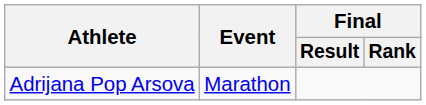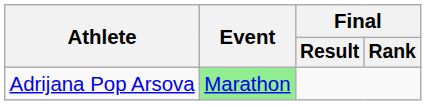 <table class="wikitable" style="font-size:90%">
 <tr>
 <th rowspan="2">Athlete</th>
 <th rowspan="2">Event</th>
 <th colspan="2">Final</th>
 </tr>
 <tr style="font-size:95%">
 <th>Result</th>
 <th>Rank</th>
 </tr>
 <tr align=center>
 <td align=left><a href='#'>Adrijana Pop Arsova</a></td>
-<td align=left><a href='#'>Marathon</a></td>
+<td align=left style="background: lightgreen;"><a href='#'>Marathon</a></td>
 <td colspan=2></td>
 </tr>
 </table>
